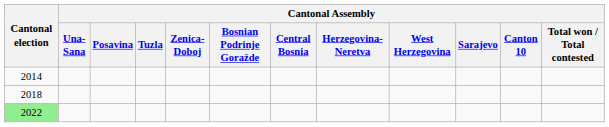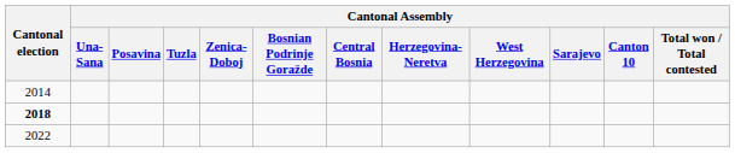 <table class="wikitable collapsible" style="text-align:center; width:72%; line-height:126%; margin-bottom:0">
 <tr>
 <th rowspan="2">Cantonal election</th>
 <th colspan="14">Cantonal Assembly</th>
 </tr>
 <tr>
 <th><a href='#'>Una-Sana</a></th>
 <th><a href='#'>Posavina</a></th>
 <th><a href='#'>Tuzla</a></th>
 <th><a href='#'>Zenica-Doboj</a></th>
 <th><a href='#'>Bosnian Podrinje Goražde</a></th>
 <th><a href='#'>Central Bosnia</a></th>
 <th><a href='#'>Herzegovina-Neretva</a></th>
 <th><a href='#'>West Herzegovina</a></th>
 <th><a href='#'>Sarajevo</a></th>
 <th><a href='#'>Canton 10</a></th>
 <th>Total won / Total contested</th>
 </tr>
 <tr>
 <td>2014</td>
 <td></td>
 <td></td>
 <td></td>
 <td></td>
 <td></td>
 <td></td>
 <td></td>
 <td></td>
 <td></td>
 <td></td>
 <td></td>
 </tr>
 <tr>
-<td>2018</td>
+<td><strong>2018</strong></td>
 <td></td>
 <td></td>
 <td></td>
 <td></td>
 <td></td>
 <td></td>
 <td></td>
 <td></td>
 <td></td>
 <td></td>
 <td></td>
 </tr>
 <tr>
-<td style="background: lightgreen;">2022</td>
+<td>2022</td>
 <td></td>
 <td></td>
 <td></td>
 <td></td>
 <td></td>
 <td></td>
 <td></td>
 <td></td>
 <td></td>
 <td></td>
 <td></td>
 </tr>
 </table>
